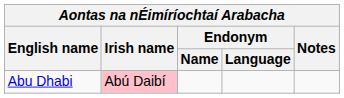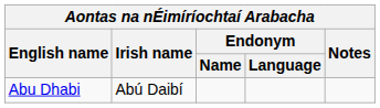 <table class="wikitable sortable">
 <tr>
 <th colspan="5"> <em>Aontas na nÉimíríochtaí Arabacha</em></th>
 </tr>
 <tr>
 <th rowspan="2">English name</th>
 <th rowspan="2">Irish name</th>
 <th colspan="2">Endonym</th>
 <th rowspan="2">Notes</th>
 </tr>
 <tr>
 <th>Name</th>
 <th>Language</th>
 </tr>
 <tr>
 <td><a href='#'>Abu Dhabi</a></td>
-<td style="background: pink;">Abú Daibí</td>
+<td>Abú Daibí</td>
 <td></td>
 <td></td>
 <td></td>
 </tr>
 </table>
